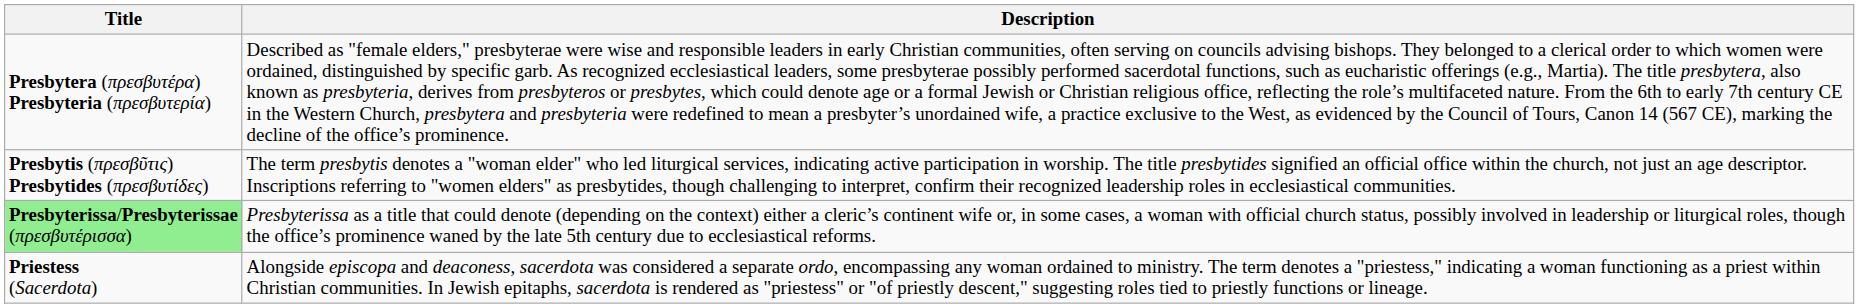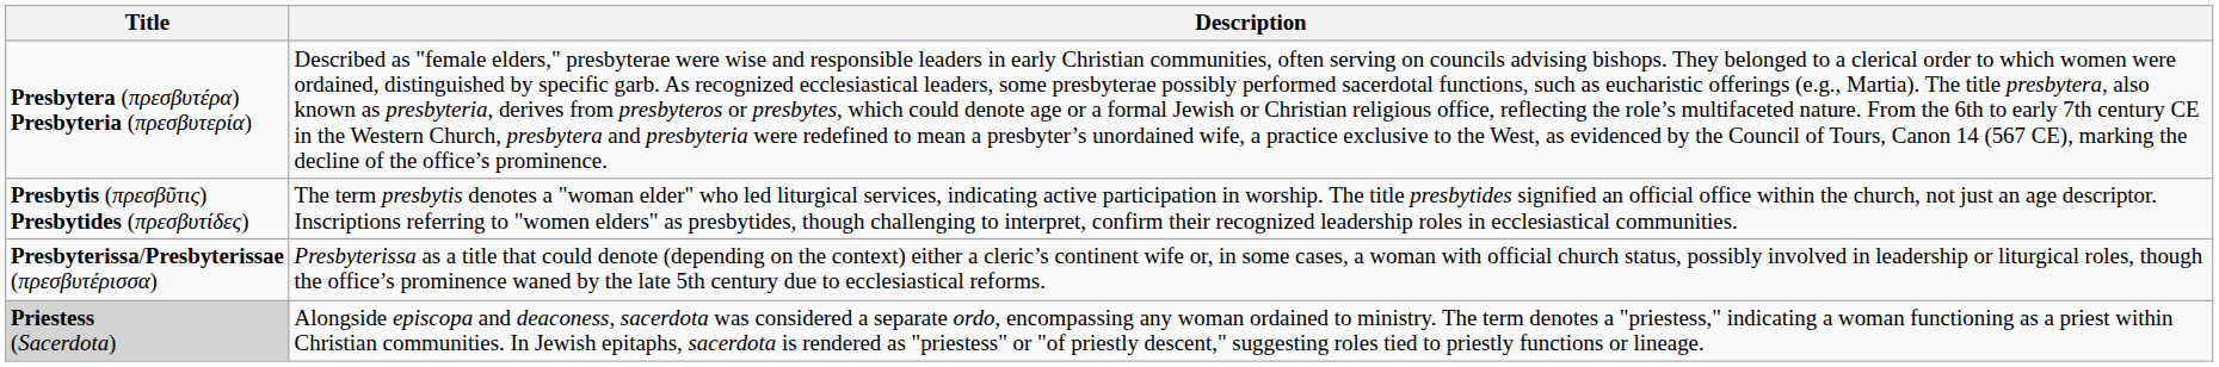 <table class="wikitable">
 <tr>
 <th>Title</th>
 <th>Description</th>
 </tr>
 <tr>
 <td><strong>Presbytera</strong> (<em>πρεσβυτέρα</em>)<br><strong>Presbyteria</strong> (<em>πρεσβυτερία</em>)</td>
 <td>Described as "female elders," presbyterae were wise and responsible leaders in early Christian communities, often serving on councils advising bishops. They belonged to a clerical order to which women were ordained, distinguished by specific garb. As recognized ecclesiastical leaders, some presbyterae possibly performed sacerdotal functions, such as eucharistic offerings (e.g., Martia). The title <em>presbytera</em>, also known as <em>presbyteria</em>, derives from <em>presbyteros</em> or <em>presbytes</em>, which could denote age or a formal Jewish or Christian religious office, reflecting the role’s multifaceted nature. From the 6th to early 7th century CE in the Western Church, <em>presbytera</em> and <em>presbyteria</em> were redefined to mean a presbyter’s unordained wife, a practice exclusive to the West, as evidenced by the Council of Tours, Canon 14 (567 CE), marking the decline of the office’s prominence.</td>
 </tr>
 <tr>
 <td><strong>Presbytis</strong> (<em>πρεσβῦτις</em>)<br><strong>Presbytides</strong> (<em>πρεσβυτίδες</em>)</td>
 <td>The term <em>presbytis</em> denotes a "woman elder" who led liturgical services, indicating active participation in worship. The title <em>presbytides</em> signified an official office within the church, not just an age descriptor. Inscriptions referring to "women elders" as presbytides, though challenging to interpret, confirm their recognized leadership roles in ecclesiastical communities.</td>
 </tr>
 <tr>
-<td style="background: lightgreen;"><strong>Presbyterissa</strong>/<strong>Presbyterissae</strong><br>(<em>πρεσβυτέρισσα</em>)</td>
+<td><strong>Presbyterissa</strong>/<strong>Presbyterissae</strong><br>(<em>πρεσβυτέρισσα</em>)</td>
 <td><em>Presbyterissa</em> as a title that could denote (depending on the context) either a cleric’s continent wife or, in some cases, a woman with official church status, possibly involved in leadership or liturgical roles, though the office’s prominence waned by the late 5th century due to ecclesiastical reforms.</td>
 </tr>
 <tr>
-<td><strong>Priestess</strong><br>(<em>Sacerdota</em>)</td>
+<td style="background: lightgrey;"><strong>Priestess</strong><br>(<em>Sacerdota</em>)</td>
 <td>Alongside <em>episcopa</em> and <em>deaconess</em>, <em>sacerdota</em> was considered a separate <em>ordo</em>, encompassing any woman ordained to ministry. The term denotes a "priestess," indicating a woman functioning as a priest within Christian communities. In Jewish epitaphs, <em>sacerdota</em> is rendered as "priestess" or "of priestly descent," suggesting roles tied to priestly functions or lineage.</td>
 </tr>
 </table>
